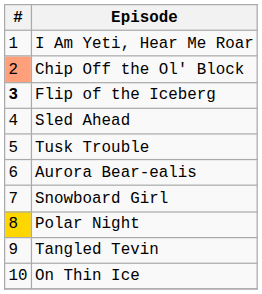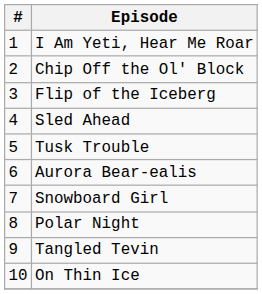 <table class="wikitable sortable">
 <tr>
 <th>#</th>
 <th>Episode</th>
 </tr>
 <tr>
 <td>1</td>
 <td>I Am Yeti, Hear Me Roar</td>
 </tr>
 <tr>
-<td style="background: lightsalmon;">2</td>
+<td>2</td>
 <td>Chip Off the Ol' Block</td>
 </tr>
 <tr>
-<td><strong>3</strong></td>
+<td>3</td>
 <td>Flip of the Iceberg</td>
 </tr>
 <tr>
 <td>4</td>
 <td>Sled Ahead</td>
 </tr>
 <tr>
 <td>5</td>
 <td>Tusk Trouble</td>
 </tr>
 <tr>
 <td>6</td>
 <td>Aurora Bear-ealis</td>
 </tr>
 <tr>
 <td>7</td>
 <td>Snowboard Girl</td>
 </tr>
 <tr>
-<td style="background: gold;">8</td>
+<td>8</td>
 <td>Polar Night</td>
 </tr>
 <tr>
 <td>9</td>
 <td>Tangled Tevin</td>
 </tr>
 <tr>
 <td>10</td>
 <td>On Thin Ice</td>
 </tr>
 <tr>
 </tr>
 </table>
